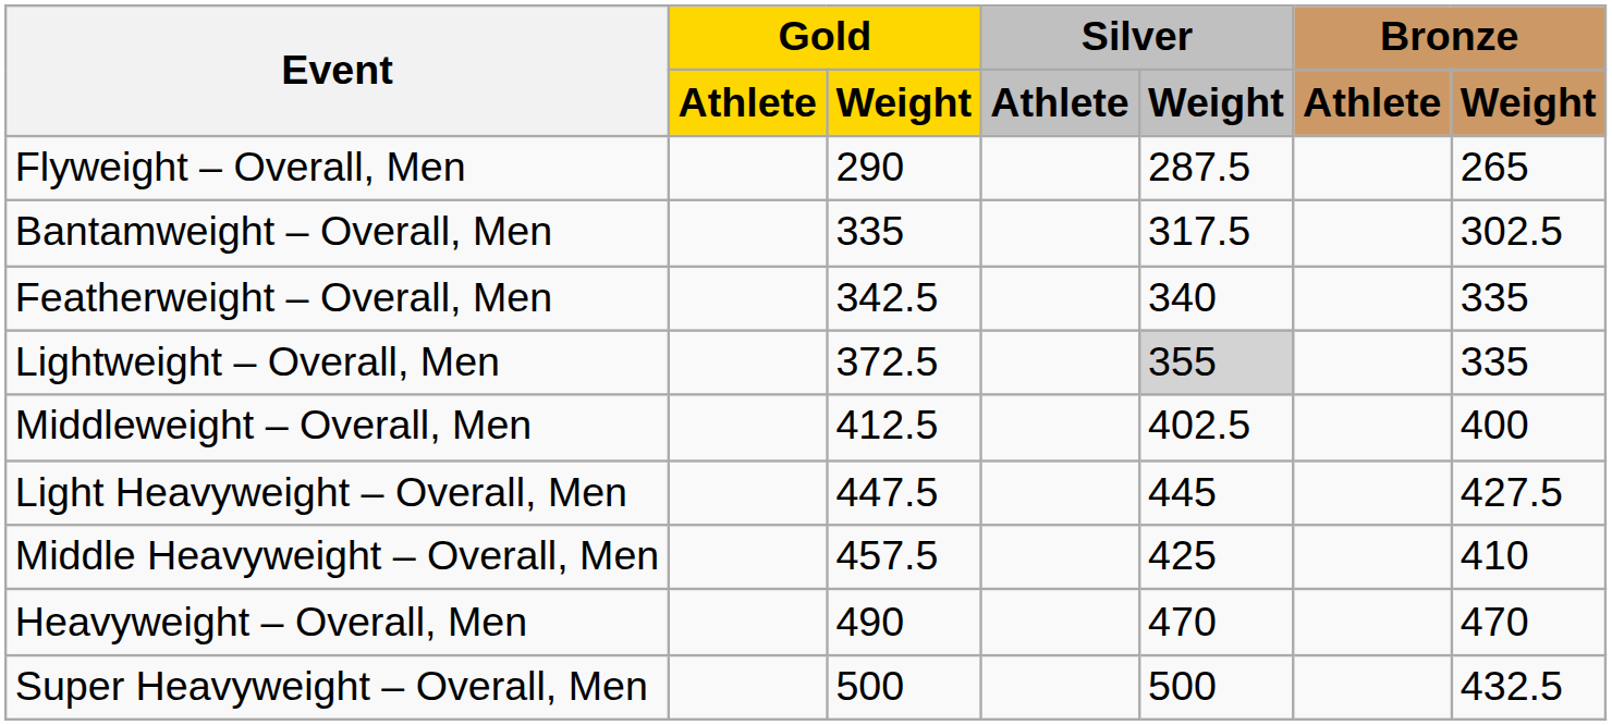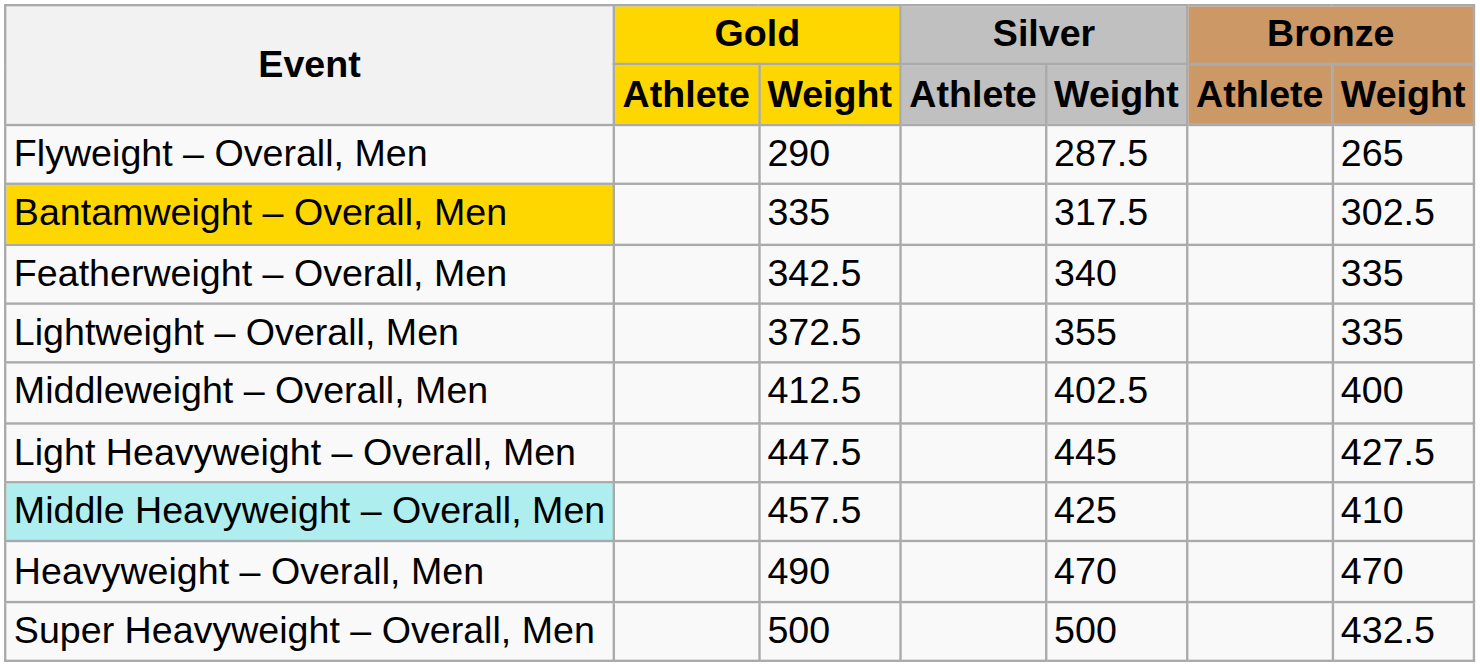 <table class="wikitable">
 <tr>
 <th rowspan=2 scope=rowgroup>Event</th>
 <th style="background-color:gold;" scope=colgroup colspan="2">Gold</th>
 <th style="background-color:silver;" scope=colgroup colspan="2">Silver</th>
 <th style="background-color:#cc9966;" sscope=colgroup colspan="2">Bronze</th>
 </tr>
 <tr>
 <th style="background-color:gold;">Athlete</th>
 <th style="background-color:gold;">Weight</th>
 <th style="background-color:silver;">Athlete</th>
 <th style="background-color:silver;">Weight</th>
 <th style="background-color:#cc9966;">Athlete</th>
 <th style="background-color:#cc9966;">Weight</th>
 </tr>
 <tr>
 <td>Flyweight – Overall, Men</td>
 <td></td>
 <td>290</td>
 <td></td>
 <td>287.5</td>
 <td></td>
 <td>265</td>
 </tr>
 <tr>
-<td>Bantamweight – Overall, Men</td>
+<td style="background: gold;">Bantamweight – Overall, Men</td>
 <td></td>
 <td>335</td>
 <td></td>
 <td>317.5</td>
 <td></td>
 <td>302.5</td>
 </tr>
 <tr>
 <td>Featherweight – Overall, Men</td>
 <td></td>
 <td>342.5</td>
 <td></td>
 <td>340</td>
 <td></td>
 <td>335</td>
 </tr>
 <tr>
 <td>Lightweight – Overall, Men</td>
 <td></td>
 <td>372.5</td>
 <td></td>
-<td style="background: lightgrey;">355</td>
+<td>355</td>
 <td></td>
 <td>335</td>
 </tr>
 <tr>
 <td>Middleweight – Overall, Men</td>
 <td></td>
 <td>412.5</td>
 <td></td>
 <td>402.5</td>
 <td></td>
 <td>400</td>
 </tr>
 <tr>
 <td>Light Heavyweight – Overall, Men</td>
 <td></td>
 <td>447.5</td>
 <td></td>
 <td>445</td>
 <td></td>
 <td>427.5</td>
 </tr>
 <tr>
-<td>Middle Heavyweight – Overall, Men</td>
+<td style="background: paleturquoise;">Middle Heavyweight – Overall, Men</td>
 <td></td>
 <td>457.5</td>
 <td></td>
 <td>425</td>
 <td></td>
 <td>410</td>
 </tr>
 <tr>
 <td>Heavyweight – Overall, Men</td>
 <td></td>
 <td>490</td>
 <td></td>
 <td>470</td>
 <td></td>
 <td>470</td>
 </tr>
 <tr>
 <td>Super Heavyweight – Overall, Men</td>
 <td></td>
 <td>500</td>
 <td></td>
 <td>500</td>
 <td></td>
 <td>432.5</td>
 </tr>
 </table>
